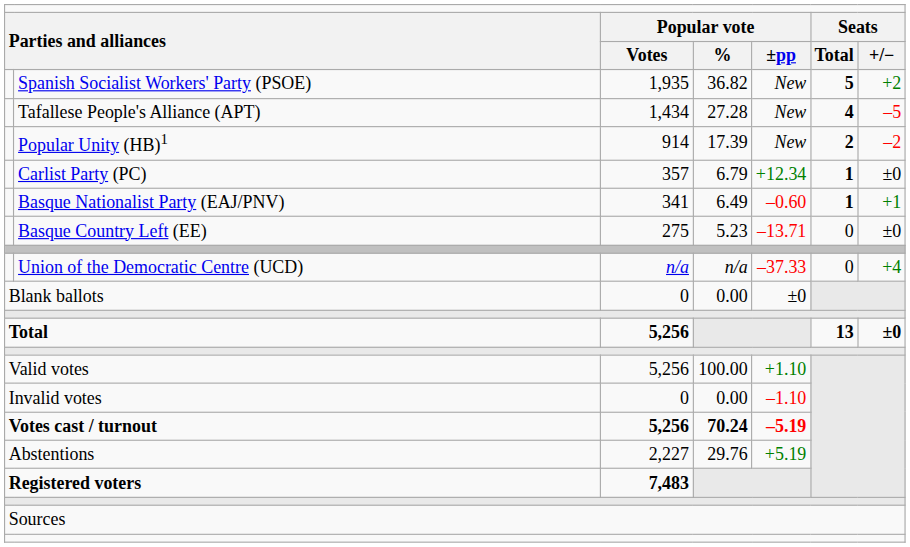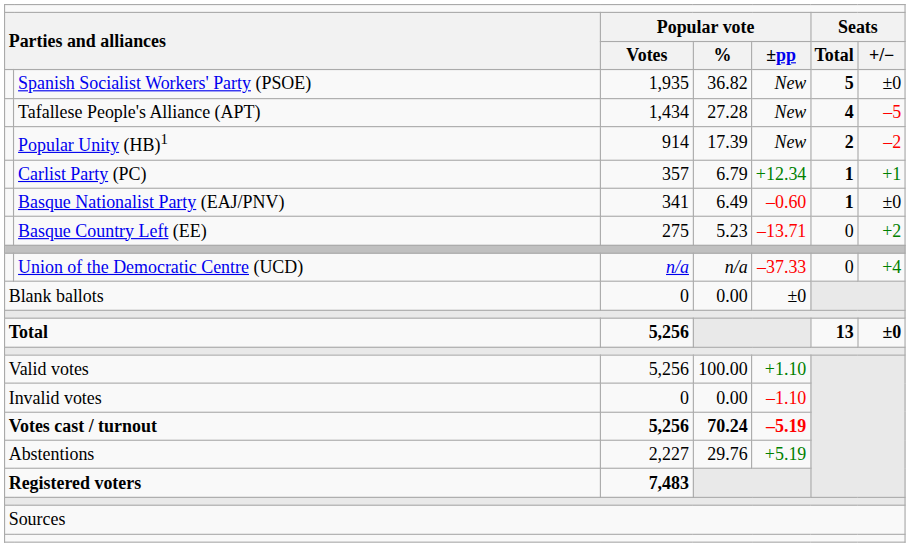 <table class="wikitable" style="text-align:right;">
 <tr>
 <td colspan="7"></td>
 </tr>
 <tr>
 <th style="text-align:left;" rowspan="2" colspan="2" width="525">Parties and alliances</th>
 <th colspan="3">Popular vote</th>
 <th colspan="2">Seats</th>
 </tr>
 <tr>
 <th width="75">Votes</th>
 <th width="45">%</th>
 <th width="45">±<a href='#'>pp</a></th>
 <th width="35">Total</th>
 <th width="35">+/−</th>
 </tr>
 <tr>
 <td width="1" style="color:inherit;background:"></td>
 <td align="left"><a href='#'>Spanish Socialist Workers' Party</a> (PSOE)</td>
 <td>1,935</td>
 <td>36.82</td>
 <td><em>New</em></td>
 <td><strong>5</strong></td>
-<td style="color:green;">+2</td>
+<td>±0</td>
 </tr>
 <tr>
 <td style="color:inherit;background:"></td>
 <td align="left">Tafallese People's Alliance (APT)</td>
 <td>1,434</td>
 <td>27.28</td>
 <td><em>New</em></td>
 <td><strong>4</strong></td>
 <td style="color:red;">–5</td>
 </tr>
 <tr>
 <td style="color:inherit;background:"></td>
 <td align="left"><a href='#'>Popular Unity</a> (HB)<sup>1</sup></td>
 <td>914</td>
 <td>17.39</td>
 <td><em>New</em></td>
 <td><strong>2</strong></td>
 <td style="color:red;">–2</td>
 </tr>
 <tr>
 <td style="color:inherit;background:"></td>
 <td align="left"><a href='#'>Carlist Party</a> (PC)</td>
 <td>357</td>
 <td>6.79</td>
 <td style="color:green;">+12.34</td>
 <td><strong>1</strong></td>
-<td>±0</td>
+<td style="color:green;">+1</td>
 </tr>
 <tr>
 <td style="color:inherit;background:"></td>
 <td align="left"><a href='#'>Basque Nationalist Party</a> (EAJ/PNV)</td>
 <td>341</td>
 <td>6.49</td>
 <td style="color:red;">–0.60</td>
 <td><strong>1</strong></td>
-<td style="color:green;">+1</td>
+<td>±0</td>
 </tr>
 <tr>
 <td style="color:inherit;background:"></td>
 <td align="left"><a href='#'>Basque Country Left</a> (EE)</td>
 <td>275</td>
 <td>5.23</td>
 <td style="color:red;">–13.71</td>
 <td>0</td>
-<td>±0</td>
+<td style="color:green;">+2</td>
 </tr>
 <tr>
 <td colspan="7" bgcolor="#C0C0C0"></td>
 </tr>
 <tr>
 <td style="color:inherit;background:"></td>
 <td align="left"><a href='#'>Union of the Democratic Centre</a> (UCD)</td>
 <td><em><a href='#'>n/a</a></em></td>
 <td><em>n/a</em></td>
 <td style="color:red;">–37.33</td>
 <td>0</td>
 <td style="color:green;">+4</td>
 </tr>
 <tr>
 <td align="left" colspan="2">Blank ballots</td>
 <td>0</td>
 <td>0.00</td>
 <td>±0</td>
 <td bgcolor="#E9E9E9" colspan="2"></td>
 </tr>
 <tr>
 <td colspan="7" bgcolor="#E9E9E9"></td>
 </tr>
 <tr style="font-weight:bold;">
 <td align="left" colspan="2">Total</td>
 <td>5,256</td>
 <td bgcolor="#E9E9E9" colspan="2"></td>
 <td>13</td>
 <td>±0</td>
 </tr>
 <tr>
 <td colspan="7" bgcolor="#E9E9E9"></td>
 </tr>
 <tr>
 <td align="left" colspan="2">Valid votes</td>
 <td>5,256</td>
 <td>100.00</td>
 <td style="color:green;">+1.10</td>
 <td bgcolor="#E9E9E9" colspan="2" rowspan="5"></td>
 </tr>
 <tr>
 <td align="left" colspan="2">Invalid votes</td>
 <td>0</td>
 <td>0.00</td>
 <td style="color:red;">–1.10</td>
 </tr>
 <tr style="font-weight:bold;">
 <td align="left" colspan="2">Votes cast / turnout</td>
 <td>5,256</td>
 <td>70.24</td>
 <td style="color:red;">–5.19</td>
 </tr>
 <tr>
 <td align="left" colspan="2">Abstentions</td>
 <td>2,227</td>
 <td>29.76</td>
 <td style="color:green;">+5.19</td>
 </tr>
 <tr style="font-weight:bold;">
 <td align="left" colspan="2">Registered voters</td>
 <td>7,483</td>
 <td bgcolor="#E9E9E9" colspan="2"></td>
 </tr>
 <tr>
 <td colspan="7" bgcolor="#E9E9E9"></td>
 </tr>
 <tr>
 <td align="left" colspan="7">Sources</td>
 </tr>
 <tr>
 <td colspan="7" style="text-align:left; max-width:790px;"></td>
 </tr>
 </table>
